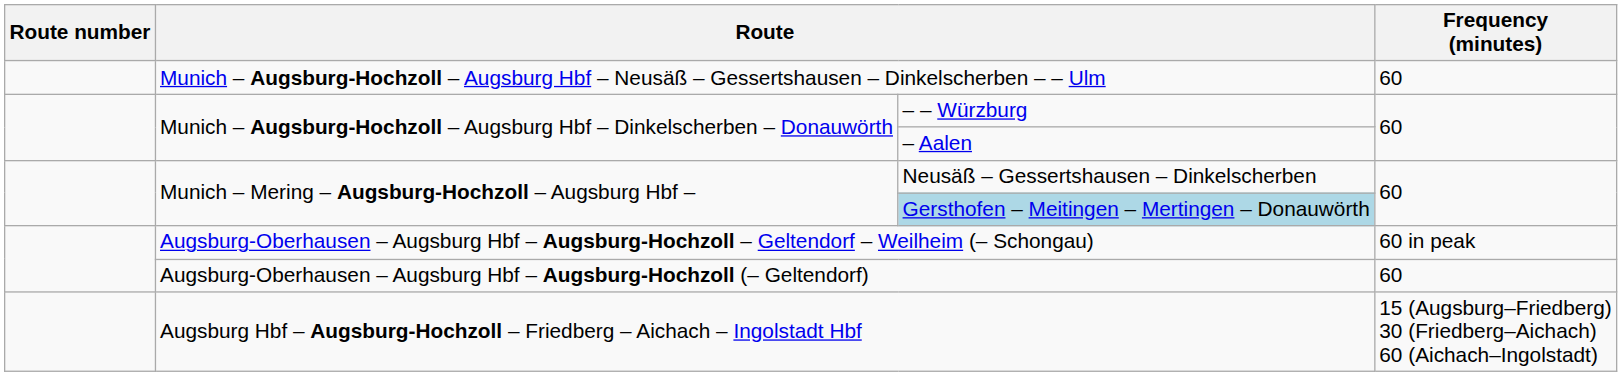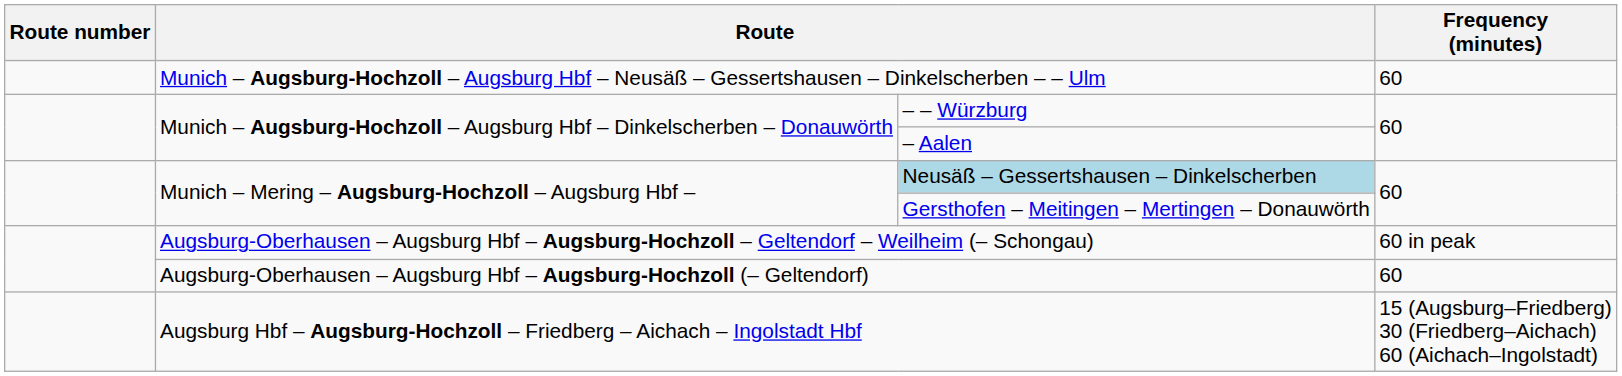 <table class="wikitable">
 <tr>
 <th>Route number</th>
 <th colspan="2">Route</th>
 <th>Frequency<br>(minutes)</th>
 </tr>
 <tr>
 <td align="center"></td>
 <td colspan="2"><a href='#'>Munich</a> – <strong>Augsburg-Hochzoll</strong> – <a href='#'>Augsburg Hbf</a> – Neusäß – Gessertshausen – Dinkelscherben –  – <a href='#'>Ulm</a></td>
 <td>60</td>
 </tr>
 <tr>
 <td rowspan="2" align="center"><br></td>
 <td rowspan="2">Munich – <strong>Augsburg-Hochzoll</strong> – Augsburg Hbf – Dinkelscherben – <a href='#'>Donauwörth</a></td>
 <td> –  – <a href='#'>Würzburg</a></td>
 <td rowspan="2">60</td>
 </tr>
 <tr>
 <td> – <a href='#'>Aalen</a></td>
 </tr>
 <tr>
 <td rowspan="2" align="center"><br></td>
 <td rowspan="2">Munich – Mering – <strong>Augsburg-Hochzoll</strong> – Augsburg Hbf –</td>
-<td>Neusäß – Gessertshausen – Dinkelscherben</td>
+<td style="background: lightblue;">Neusäß – Gessertshausen – Dinkelscherben</td>
 <td rowspan="2">60</td>
 </tr>
 <tr>
-<td style="background: lightblue;"><a href='#'>Gersthofen</a> – <a href='#'>Meitingen</a> – <a href='#'>Mertingen</a> – Donauwörth</td>
+<td><a href='#'>Gersthofen</a> – <a href='#'>Meitingen</a> – <a href='#'>Mertingen</a> – Donauwörth</td>
 </tr>
 <tr>
 <td rowspan="2" align="center"></td>
 <td colspan="2"><a href='#'>Augsburg-Oberhausen</a> – Augsburg Hbf – <strong>Augsburg-Hochzoll</strong> – <a href='#'>Geltendorf</a> – <a href='#'>Weilheim</a> (– Schongau)</td>
 <td>60 in peak</td>
 </tr>
 <tr>
 <td colspan="2">Augsburg-Oberhausen – Augsburg Hbf – <strong>Augsburg-Hochzoll</strong> (– Geltendorf)</td>
 <td>60</td>
 </tr>
 <tr>
 <td align="center"></td>
 <td colspan="2">Augsburg Hbf – <strong>Augsburg-Hochzoll</strong> – Friedberg – Aichach – <a href='#'>Ingolstadt Hbf</a></td>
 <td>15 (Augsburg–Friedberg) <br>30 (Friedberg–Aichach)<br>60 (Aichach–Ingolstadt)</td>
 </tr>
 </table>
